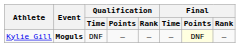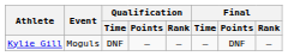 <table class="wikitable" style="font-size:90%">
 <tr>
 <th rowspan="2">Athlete</th>
 <th rowspan="2">Event</th>
 <th colspan="3">Qualification</th>
 <th colspan="3">Final</th>
 </tr>
 <tr>
 <th>Time</th>
 <th>Points</th>
 <th>Rank</th>
 <th>Time</th>
 <th>Points</th>
 <th>Rank</th>
 </tr>
 <tr>
 <td><a href='#'>Kylie Gill</a></td>
-<td><strong>Moguls</strong></td>
+<td>Moguls</td>
 <td align="center">DNF</td>
 <td align="center">–</td>
 <td align="center">–</td>
 <td align="center">–</td>
-<td align="center" style="background: lightyellow;">DNF</td>
+<td align="center">DNF</td>
 <td align="center">–</td>
 </tr>
 </table>
